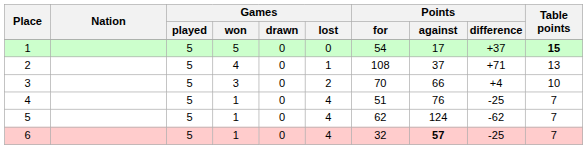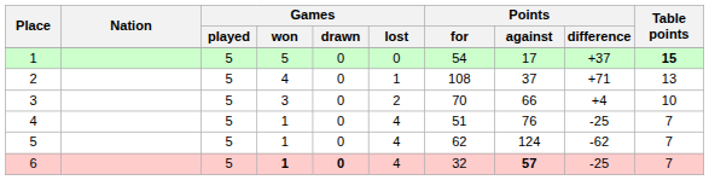 <table class="wikitable">
 <tr>
 <th rowspan=2 width="8%">Place</th>
 <th rowspan=2 width="20%">Nation</th>
 <th colspan=4 width="32%">Games</th>
 <th colspan=3 width="30%">Points</th>
 <th rowspan=2 width="10%">Table<br>points</th>
 </tr>
 <tr>
 <th width="8%">played</th>
 <th width="8%">won</th>
 <th width="8%">drawn</th>
 <th width="8%">lost</th>
 <th width="10%">for</th>
 <th width="10%">against</th>
 <th width="10%">difference</th>
 </tr>
 <tr>
 </tr>
 <tr bgcolor=#ccffcc align=center>
 <td>1</td>
 <td align=left><strong></strong></td>
 <td>5</td>
 <td>5</td>
 <td>0</td>
 <td>0</td>
 <td>54</td>
 <td>17</td>
 <td>+37</td>
 <td><strong>15</strong></td>
 </tr>
 <tr bgcolor=#ffffff align=center>
 <td>2</td>
 <td align=left></td>
 <td>5</td>
 <td>4</td>
 <td>0</td>
 <td>1</td>
 <td>108</td>
 <td>37</td>
 <td>+71</td>
 <td>13</td>
 </tr>
 <tr bgcolor=#ffffff align=center>
 <td>3</td>
 <td align=left></td>
 <td>5</td>
 <td>3</td>
 <td>0</td>
 <td>2</td>
 <td>70</td>
 <td>66</td>
 <td>+4</td>
 <td>10</td>
 </tr>
 <tr bgcolor=#ffffff align=center>
 <td>4</td>
 <td align=left></td>
 <td>5</td>
 <td>1</td>
 <td>0</td>
 <td>4</td>
 <td>51</td>
 <td>76</td>
 <td>-25</td>
 <td>7</td>
 </tr>
 <tr bgcolor=#ffffff align=center>
 <td>5</td>
 <td align=left></td>
 <td>5</td>
 <td>1</td>
 <td>0</td>
 <td>4</td>
 <td>62</td>
 <td>124</td>
 <td>-62</td>
 <td>7</td>
 </tr>
 <tr bgcolor=#ffcccc align=center>
 <td>6</td>
 <td align=left><em></em></td>
 <td>5</td>
-<td>1</td>
-<td>0</td>
+<td><strong>1</strong></td>
+<td><strong>0</strong></td>
 <td>4</td>
 <td>32</td>
 <td><strong>57</strong></td>
 <td>-25</td>
 <td>7</td>
 </tr>
 </table>
